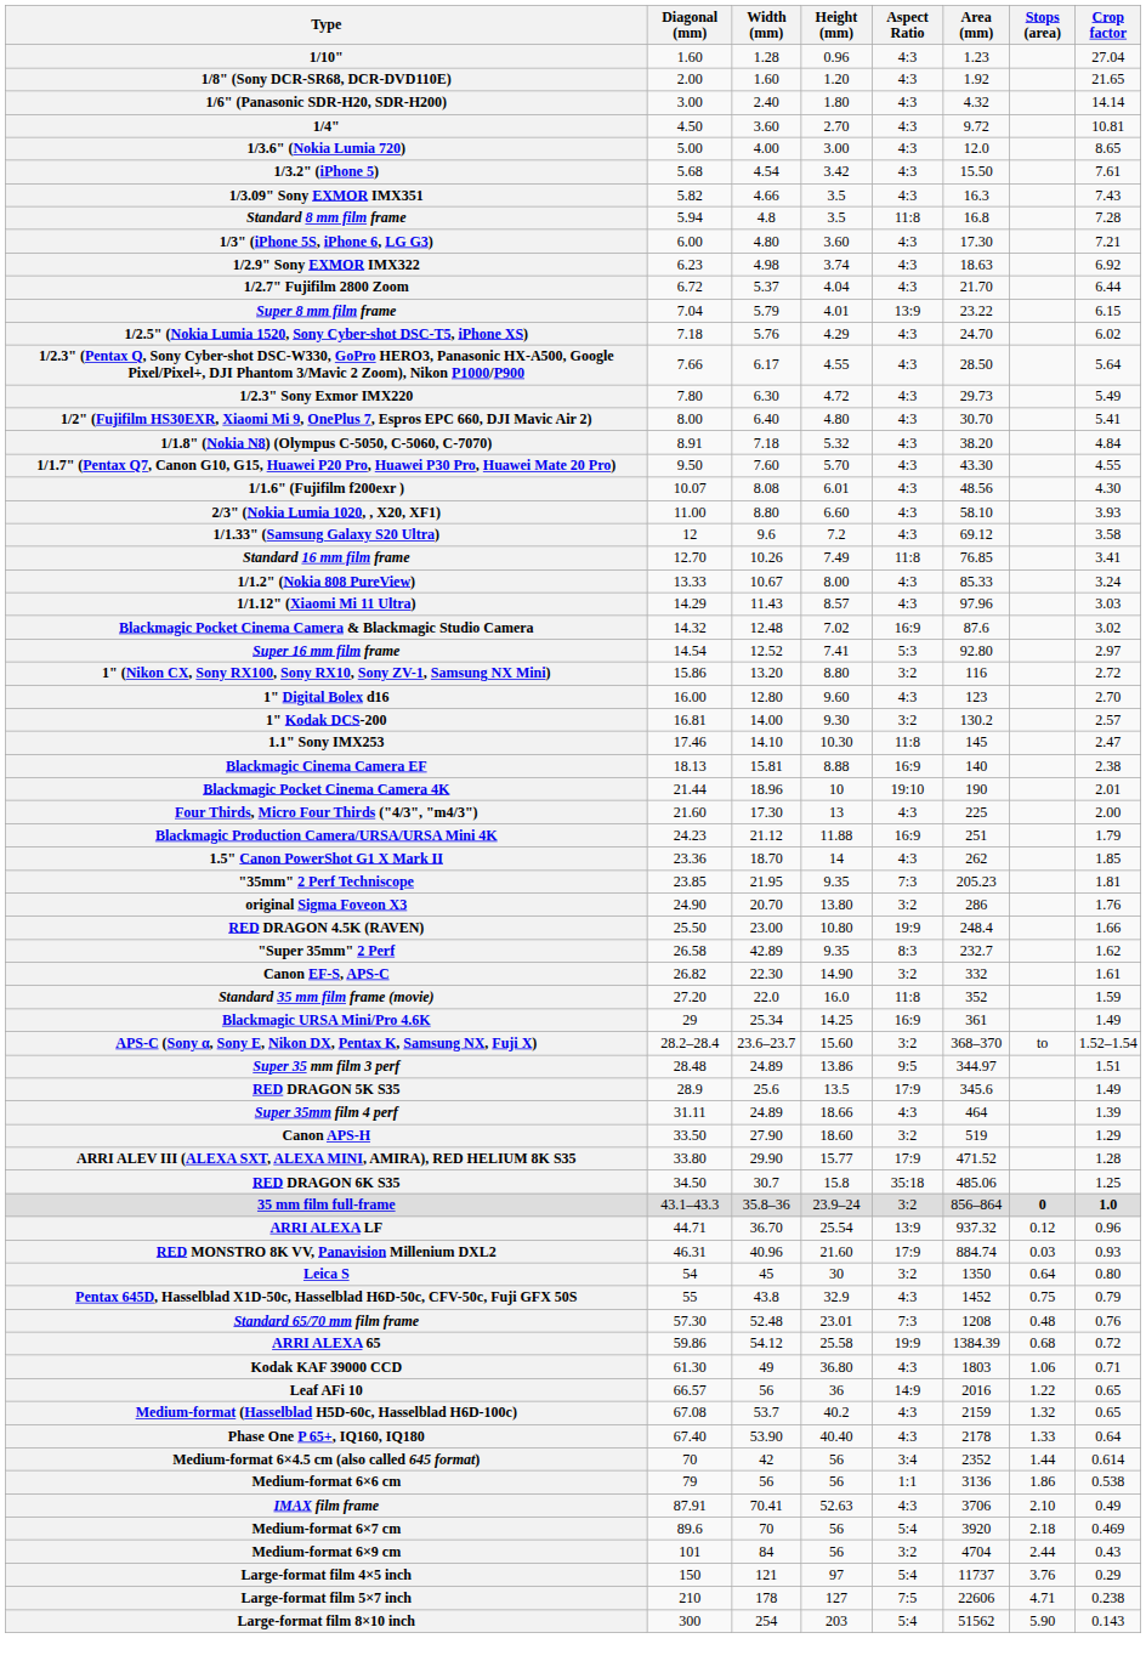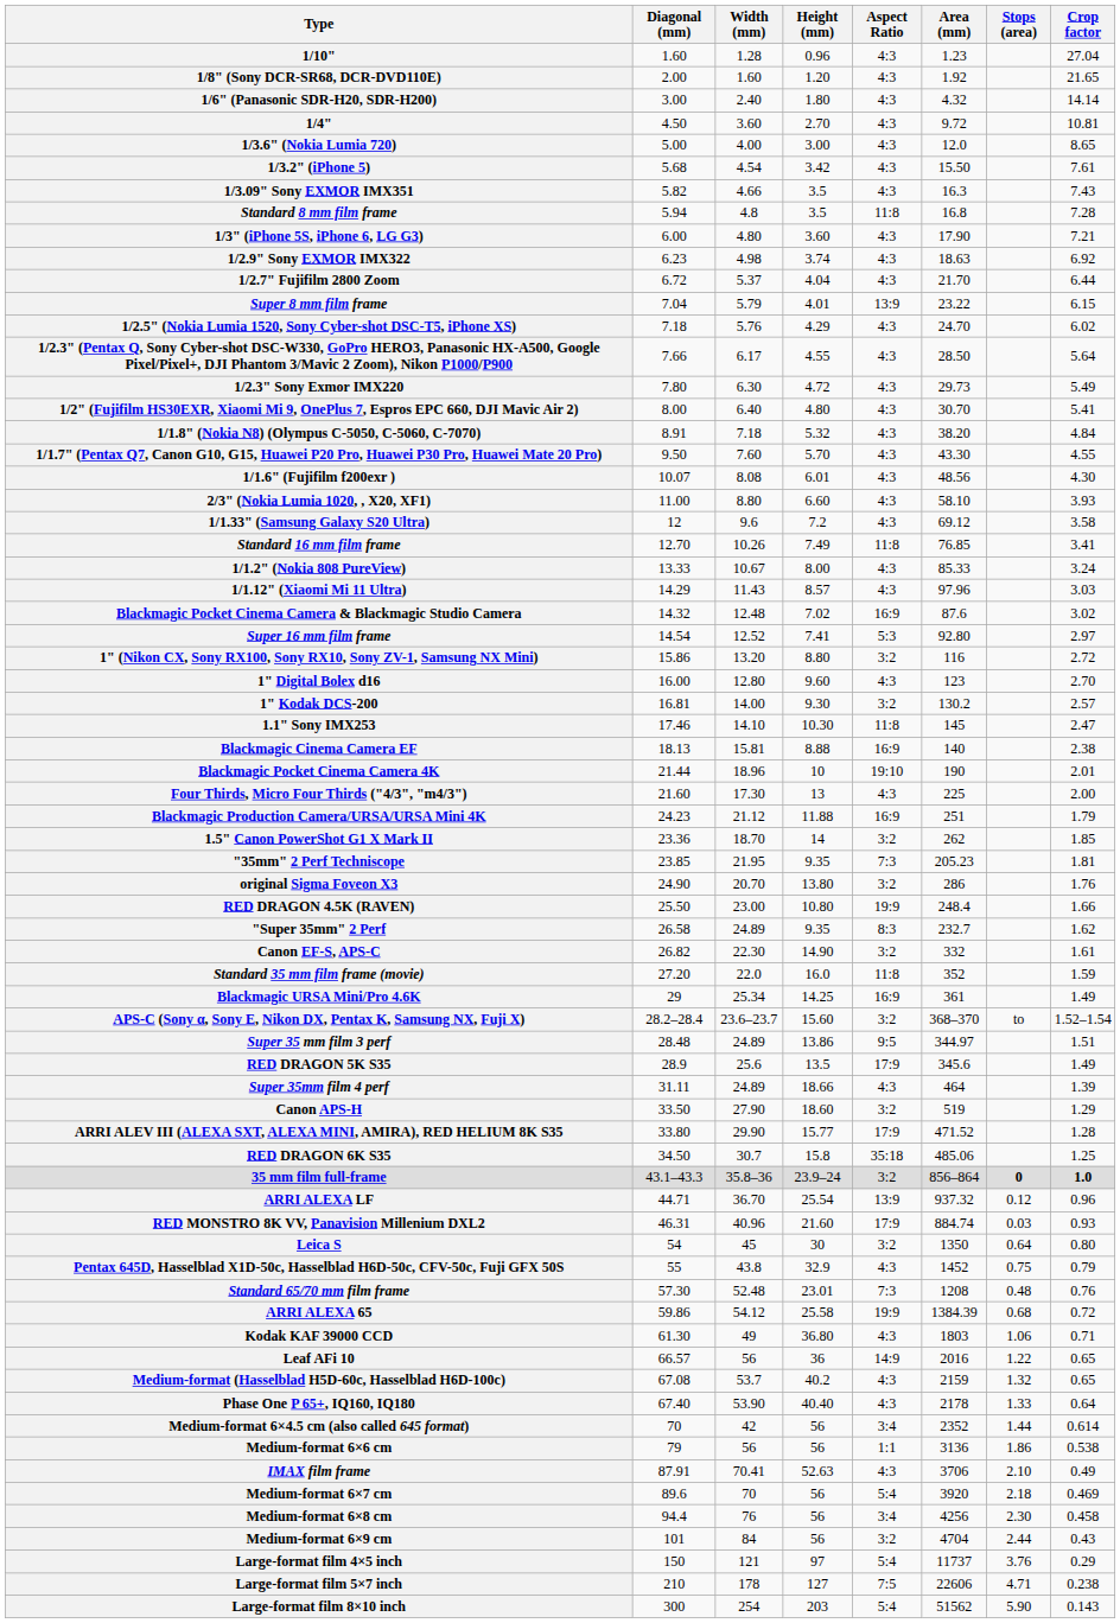 <table class="wikitable sortable sticky-header plainrowheaders" style="text-align: center;">
 <tr>
 <th scope="col">Type</th>
 <th scope="col">Diagonal (mm)</th>
 <th scope="col">Width (mm)</th>
 <th scope="col">Height (mm)</th>
 <th scope="col">Aspect Ratio</th>
 <th scope="col">Area (mm)</th>
 <th scope="col"><a href='#'>Stops</a> (area)</th>
 <th scope="col"><a href='#'>Crop factor</a></th>
 </tr>
 <tr>
 <th scope="row">1/10"</th>
 <td>1.60</td>
 <td>1.28</td>
 <td>0.96</td>
 <td>4:3</td>
 <td>1.23</td>
 <td></td>
 <td>27.04</td>
 </tr>
 <tr>
 <th scope="row">1/8" (Sony DCR-SR68, DCR-DVD110E)</th>
 <td>2.00</td>
 <td>1.60</td>
 <td>1.20</td>
 <td>4:3</td>
 <td>1.92</td>
 <td></td>
 <td>21.65</td>
 </tr>
 <tr>
 <th scope="row">1/6" (Panasonic SDR-H20, SDR-H200)</th>
 <td>3.00</td>
 <td>2.40</td>
 <td>1.80</td>
 <td>4:3</td>
 <td>4.32</td>
 <td></td>
 <td>14.14</td>
 </tr>
 <tr>
 <th scope="row">1/4"</th>
 <td>4.50</td>
 <td>3.60</td>
 <td>2.70</td>
 <td>4:3</td>
 <td>9.72</td>
 <td></td>
 <td>10.81</td>
 </tr>
 <tr>
 <th scope="row">1/3.6" (<a href='#'>Nokia Lumia 720</a>)</th>
 <td>5.00</td>
 <td>4.00</td>
 <td>3.00</td>
 <td>4:3</td>
 <td>12.0</td>
 <td></td>
 <td>8.65</td>
 </tr>
 <tr>
 <th scope="row">1/3.2" (<a href='#'>iPhone 5</a>)</th>
 <td>5.68</td>
 <td>4.54</td>
 <td>3.42</td>
 <td>4:3</td>
 <td>15.50</td>
 <td></td>
 <td>7.61</td>
 </tr>
 <tr>
 <th scope="row">1/3.09" Sony <a href='#'>EXMOR</a> IMX351</th>
 <td>5.82</td>
 <td>4.66</td>
 <td>3.5</td>
 <td>4:3</td>
 <td>16.3</td>
 <td></td>
 <td>7.43</td>
 </tr>
 <tr>
 <th scope="row"><em>Standard <a href='#'>8 mm film</a> frame</em></th>
 <td>5.94</td>
 <td>4.8</td>
 <td>3.5</td>
 <td>11:8</td>
 <td>16.8</td>
 <td></td>
 <td>7.28</td>
 </tr>
 <tr>
 <th scope="row">1/3" (<a href='#'>iPhone 5S</a>, <a href='#'>iPhone 6</a>, <a href='#'>LG G3</a>)</th>
 <td>6.00</td>
 <td>4.80</td>
 <td>3.60</td>
 <td>4:3</td>
-<td>17.30</td>
+<td>17.90</td>
 <td></td>
 <td>7.21</td>
 </tr>
 <tr>
 <th scope="row">1/2.9" Sony <a href='#'>EXMOR</a> IMX322</th>
 <td>6.23</td>
 <td>4.98</td>
 <td>3.74</td>
 <td>4:3</td>
 <td>18.63</td>
 <td></td>
 <td>6.92</td>
 </tr>
 <tr>
 <th scope="row">1/2.7" Fujifilm 2800 Zoom</th>
 <td>6.72</td>
 <td>5.37</td>
 <td>4.04</td>
 <td>4:3</td>
 <td>21.70</td>
 <td></td>
 <td>6.44</td>
 </tr>
 <tr>
 <th scope="row"><a href='#'><em>Super 8 mm film</em></a><em> frame</em></th>
 <td>7.04</td>
 <td>5.79</td>
 <td>4.01</td>
 <td>13:9</td>
 <td>23.22</td>
 <td></td>
 <td>6.15</td>
 </tr>
 <tr>
 <th scope="row">1/2.5" (<a href='#'>Nokia Lumia 1520</a>, <a href='#'>Sony Cyber-shot DSC-T5</a>, <a href='#'>iPhone XS</a>)</th>
 <td>7.18</td>
 <td>5.76</td>
 <td>4.29</td>
 <td>4:3</td>
 <td>24.70</td>
 <td></td>
 <td>6.02</td>
 </tr>
 <tr>
 <th scope="row">1/2.3" (<a href='#'>Pentax Q</a>, Sony Cyber-shot DSC-W330, <a href='#'>GoPro</a> HERO3, Panasonic HX-A500, Google Pixel/Pixel+, DJI Phantom 3/Mavic 2 Zoom), Nikon <a href='#'>P1000</a>/<a href='#'>P900</a></th>
 <td>7.66</td>
 <td>6.17</td>
 <td>4.55</td>
 <td>4:3</td>
 <td>28.50</td>
 <td></td>
 <td>5.64</td>
 </tr>
 <tr>
 <th scope="row">1/2.3" Sony Exmor IMX220</th>
 <td>7.80</td>
 <td>6.30</td>
 <td>4.72</td>
 <td>4:3</td>
 <td>29.73</td>
 <td></td>
 <td>5.49</td>
 </tr>
 <tr>
 <th scope="row">1/2"  (<a href='#'>Fujifilm HS30EXR</a>, <a href='#'>Xiaomi Mi 9</a>, <a href='#'>OnePlus 7</a>, Espros EPC 660, DJI Mavic Air 2)</th>
 <td>8.00</td>
 <td>6.40</td>
 <td>4.80</td>
 <td>4:3</td>
 <td>30.70</td>
 <td></td>
 <td>5.41</td>
 </tr>
 <tr>
 <th scope="row">1/1.8" (<a href='#'>Nokia N8</a>) (Olympus C-5050, C-5060, C-7070)</th>
 <td>8.91</td>
 <td>7.18</td>
 <td>5.32</td>
 <td>4:3</td>
 <td>38.20</td>
 <td></td>
 <td>4.84</td>
 </tr>
 <tr>
 <th scope="row">1/1.7" (<a href='#'>Pentax Q7</a>, Canon G10, G15, <a href='#'>Huawei P20 Pro</a>, <a href='#'>Huawei P30 Pro</a>, <a href='#'>Huawei Mate 20 Pro</a>)</th>
 <td>9.50</td>
 <td>7.60</td>
 <td>5.70</td>
 <td>4:3</td>
 <td>43.30</td>
 <td></td>
 <td>4.55</td>
 </tr>
 <tr>
 <th scope="row">1/1.6" (Fujifilm f200exr )</th>
 <td>10.07</td>
 <td>8.08</td>
 <td>6.01</td>
 <td>4:3</td>
 <td>48.56</td>
 <td></td>
 <td>4.30</td>
 </tr>
 <tr>
 <th scope="row">2/3" (<a href='#'>Nokia Lumia 1020</a>, , X20, XF1)</th>
 <td>11.00</td>
 <td>8.80</td>
 <td>6.60</td>
 <td>4:3</td>
 <td>58.10</td>
 <td></td>
 <td>3.93</td>
 </tr>
 <tr>
 <th scope="row">1/1.33" (<a href='#'>Samsung Galaxy S20 Ultra</a>)</th>
 <td>12</td>
 <td>9.6</td>
 <td>7.2</td>
 <td>4:3</td>
 <td>69.12</td>
 <td></td>
 <td>3.58</td>
 </tr>
 <tr>
 <th scope="row"><em>Standard <a href='#'>16 mm film</a> frame</em></th>
 <td>12.70</td>
 <td>10.26</td>
 <td>7.49</td>
 <td>11:8</td>
 <td>76.85</td>
 <td></td>
 <td>3.41</td>
 </tr>
 <tr>
 <th scope="row">1/1.2" (<a href='#'>Nokia 808 PureView</a>)</th>
 <td>13.33</td>
 <td>10.67</td>
 <td>8.00</td>
 <td>4:3</td>
 <td>85.33</td>
 <td></td>
 <td>3.24</td>
 </tr>
 <tr>
 <th scope="row">1/1.12" (<a href='#'>Xiaomi Mi 11 Ultra</a>)</th>
 <td>14.29</td>
 <td>11.43</td>
 <td>8.57</td>
 <td>4:3</td>
 <td>97.96</td>
 <td></td>
 <td>3.03</td>
 </tr>
 <tr>
 <th scope="row"><a href='#'>Blackmagic Pocket Cinema Camera</a> & Blackmagic Studio Camera</th>
 <td>14.32</td>
 <td>12.48</td>
 <td>7.02</td>
 <td>16:9</td>
 <td>87.6</td>
 <td></td>
 <td>3.02</td>
 </tr>
 <tr>
 <th scope="row"><em><a href='#'>Super 16 mm film</a> frame</em></th>
 <td>14.54</td>
 <td>12.52</td>
 <td>7.41</td>
 <td>5:3</td>
 <td>92.80</td>
 <td></td>
 <td>2.97</td>
 </tr>
 <tr>
 <th scope="row">1" (<a href='#'>Nikon CX</a>, <a href='#'>Sony RX100</a>, <a href='#'>Sony RX10</a>, <a href='#'>Sony ZV-1</a>, <a href='#'>Samsung NX Mini</a>)</th>
 <td>15.86</td>
 <td>13.20</td>
 <td>8.80</td>
 <td>3:2</td>
 <td>116</td>
 <td></td>
 <td>2.72</td>
 </tr>
 <tr>
 <th scope="row">1" <a href='#'>Digital Bolex</a> d16</th>
 <td>16.00</td>
 <td>12.80</td>
 <td>9.60</td>
 <td>4:3</td>
 <td>123</td>
 <td></td>
 <td>2.70</td>
 </tr>
 <tr>
 <th scope="row">1" <a href='#'>Kodak DCS</a>-200</th>
 <td>16.81</td>
 <td>14.00</td>
 <td>9.30</td>
 <td>3:2</td>
 <td>130.2</td>
 <td></td>
 <td>2.57</td>
 </tr>
 <tr>
 <th scope="row">1.1" Sony IMX253</th>
 <td>17.46</td>
 <td>14.10</td>
 <td>10.30</td>
 <td>11:8</td>
 <td>145</td>
 <td></td>
 <td>2.47</td>
 </tr>
 <tr>
 <th scope="row"><a href='#'>Blackmagic Cinema Camera EF</a></th>
 <td>18.13</td>
 <td>15.81</td>
 <td>8.88</td>
 <td>16:9</td>
 <td>140</td>
 <td></td>
 <td>2.38</td>
 </tr>
 <tr>
 <th scope="row"><a href='#'>Blackmagic Pocket Cinema Camera 4K</a></th>
 <td>21.44</td>
 <td>18.96</td>
 <td>10</td>
 <td>19:10</td>
 <td>190</td>
 <td></td>
 <td>2.01</td>
 </tr>
 <tr>
 <th scope="row"><a href='#'>Four Thirds</a>, <a href='#'>Micro Four Thirds</a> ("4/3", "m4/3")</th>
 <td>21.60</td>
 <td>17.30</td>
 <td>13</td>
 <td>4:3</td>
 <td>225</td>
 <td></td>
 <td>2.00</td>
 </tr>
 <tr>
 <th scope="row"><a href='#'>Blackmagic Production Camera/URSA/URSA Mini 4K</a></th>
 <td>24.23</td>
 <td>21.12</td>
 <td>11.88</td>
 <td>16:9</td>
 <td>251</td>
 <td></td>
 <td>1.79</td>
 </tr>
 <tr>
 <th scope="row">1.5" <a href='#'>Canon PowerShot G1 X Mark II</a></th>
 <td>23.36</td>
 <td>18.70</td>
 <td>14</td>
-<td>4:3</td>
+<td>3:2</td>
 <td>262</td>
 <td></td>
 <td>1.85</td>
 </tr>
 <tr>
 <th scope="row">"35mm" <a href='#'>2 Perf Techniscope</a></th>
 <td>23.85</td>
 <td>21.95</td>
 <td>9.35</td>
 <td>7:3</td>
 <td>205.23</td>
 <td></td>
 <td>1.81</td>
 </tr>
 <tr>
 <th scope="row">original <a href='#'>Sigma Foveon X3</a></th>
 <td>24.90</td>
 <td>20.70</td>
 <td>13.80</td>
 <td>3:2</td>
 <td>286</td>
 <td></td>
 <td>1.76</td>
 </tr>
 <tr>
 <th scope="row"><a href='#'>RED</a> DRAGON 4.5K (RAVEN)</th>
 <td>25.50</td>
 <td>23.00</td>
 <td>10.80</td>
 <td>19:9</td>
 <td>248.4</td>
 <td></td>
 <td>1.66</td>
 </tr>
 <tr>
 <th scope="row">"Super 35mm" <a href='#'>2 Perf</a></th>
 <td>26.58</td>
-<td>42.89</td>
+<td>24.89</td>
 <td>9.35</td>
 <td>8:3</td>
 <td>232.7</td>
 <td></td>
 <td>1.62</td>
 </tr>
 <tr>
 <th scope="row">Canon <a href='#'>EF-S</a>, <a href='#'>APS-C</a></th>
 <td>26.82</td>
 <td>22.30</td>
 <td>14.90</td>
 <td>3:2</td>
 <td>332</td>
 <td></td>
 <td>1.61</td>
 </tr>
 <tr>
 <th scope="row"><em>Standard <a href='#'>35 mm film</a> frame (movie)</em></th>
 <td>27.20</td>
 <td>22.0</td>
 <td>16.0</td>
 <td>11:8</td>
 <td>352</td>
 <td></td>
 <td>1.59</td>
 </tr>
 <tr>
 <th scope="row"><a href='#'>Blackmagic URSA Mini/Pro 4.6K</a></th>
 <td>29</td>
 <td>25.34</td>
 <td>14.25</td>
 <td>16:9</td>
 <td>361</td>
 <td></td>
 <td>1.49</td>
 </tr>
 <tr>
 <th scope="row"><a href='#'>APS-C</a> (<a href='#'>Sony α</a>, <a href='#'>Sony E</a>, <a href='#'>Nikon DX</a>, <a href='#'>Pentax K</a>, <a href='#'>Samsung NX</a>, <a href='#'>Fuji X</a>)</th>
 <td>28.2–28.4</td>
 <td>23.6–23.7</td>
 <td>15.60</td>
 <td>3:2</td>
 <td>368–370</td>
 <td> to </td>
 <td>1.52–1.54</td>
 </tr>
 <tr>
 <th scope="row"><em><a href='#'>Super 35</a> mm film 3 perf</em></th>
 <td>28.48</td>
 <td>24.89</td>
 <td>13.86</td>
 <td>9:5</td>
 <td>344.97</td>
 <td></td>
 <td>1.51</td>
 </tr>
 <tr>
 <th scope="row"><a href='#'>RED</a> DRAGON 5K S35</th>
 <td>28.9</td>
 <td>25.6</td>
 <td>13.5</td>
 <td>17:9</td>
 <td>345.6</td>
 <td></td>
 <td>1.49</td>
 </tr>
 <tr>
 <th scope="row"><em><a href='#'>Super 35mm</a> film 4 perf</em></th>
 <td>31.11</td>
 <td>24.89</td>
 <td>18.66</td>
 <td>4:3</td>
 <td>464</td>
 <td></td>
 <td>1.39</td>
 </tr>
 <tr>
 <th scope="row">Canon <a href='#'>APS-H</a></th>
 <td>33.50</td>
 <td>27.90</td>
 <td>18.60</td>
 <td>3:2</td>
 <td>519</td>
 <td></td>
 <td>1.29</td>
 </tr>
 <tr>
 <th scope="row">ARRI ALEV III (<a href='#'>ALEXA SXT</a>, <a href='#'>ALEXA MINI</a>, AMIRA), RED HELIUM 8K S35</th>
 <td>33.80</td>
 <td>29.90</td>
 <td>15.77</td>
 <td>17:9</td>
 <td>471.52</td>
 <td></td>
 <td>1.28</td>
 </tr>
 <tr>
 <th scope="row"><a href='#'>RED</a> DRAGON 6K S35</th>
 <td>34.50</td>
 <td>30.7</td>
 <td>15.8</td>
 <td>35:18</td>
 <td>485.06</td>
 <td></td>
 <td>1.25</td>
 </tr>
 <tr scope=row style="background:#ddd;">
 <th scope="row" style="background:#ddd;"><strong><a href='#'>35 mm film full-frame</a></strong></th>
 <td>43.1–43.3</td>
 <td>35.8–36</td>
 <td>23.9–24</td>
 <td>3:2</td>
 <td>856–864</td>
 <td style="font-weight:bold;" data-sort-value=0.0>0</td>
 <td style="font-weight:bold;" data-sort-value=1.0>1.0</td>
 </tr>
 <tr>
 <th scope="row"><a href='#'>ARRI ALEXA</a> LF</th>
 <td>44.71</td>
 <td>36.70</td>
 <td>25.54</td>
 <td>13:9</td>
 <td>937.32</td>
 <td>0.12</td>
 <td>0.96</td>
 </tr>
 <tr>
 <th scope="row"><a href='#'>RED</a> MONSTRO 8K VV, <a href='#'>Panavision</a> Millenium DXL2</th>
 <td>46.31</td>
 <td>40.96</td>
 <td>21.60</td>
 <td>17:9</td>
 <td>884.74</td>
 <td>0.03</td>
 <td>0.93</td>
 </tr>
 <tr>
 <th scope="row"><a href='#'>Leica S</a></th>
 <td>54</td>
 <td>45</td>
 <td>30</td>
 <td>3:2</td>
 <td>1350</td>
 <td>0.64</td>
 <td>0.80</td>
 </tr>
 <tr>
 <th scope="row"><a href='#'>Pentax 645D</a>, Hasselblad X1D-50c, Hasselblad H6D-50c, CFV-50c, Fuji GFX 50S<br>  </th>
 <td>55</td>
 <td>43.8</td>
 <td>32.9</td>
 <td>4:3</td>
 <td>1452</td>
 <td>0.75</td>
 <td>0.79</td>
 </tr>
 <tr>
 <th scope="row"><a href='#'><em>Standard 65/70 mm</em></a><em> film frame</em></th>
 <td>57.30</td>
 <td>52.48</td>
 <td>23.01</td>
 <td>7:3</td>
 <td>1208</td>
 <td>0.48</td>
 <td>0.76</td>
 </tr>
 <tr>
 <th scope="row"><a href='#'>ARRI ALEXA</a> 65</th>
 <td>59.86</td>
 <td>54.12</td>
 <td>25.58</td>
 <td>19:9</td>
 <td>1384.39</td>
 <td>0.68</td>
 <td>0.72</td>
 </tr>
 <tr>
 <th scope="row">Kodak KAF 39000 CCD</th>
 <td>61.30</td>
 <td>49</td>
 <td>36.80</td>
 <td>4:3</td>
 <td>1803</td>
 <td>1.06</td>
 <td>0.71</td>
 </tr>
 <tr>
 <th scope="row">Leaf AFi 10</th>
 <td>66.57</td>
 <td>56</td>
 <td>36</td>
 <td>14:9</td>
 <td>2016</td>
 <td>1.22</td>
 <td>0.65</td>
 </tr>
 <tr>
 <th scope="row"><a href='#'>Medium-format</a> (<a href='#'>Hasselblad</a> H5D-60c, Hasselblad H6D-100c)</th>
 <td>67.08</td>
 <td>53.7</td>
 <td>40.2</td>
 <td>4:3</td>
 <td>2159</td>
 <td>1.32</td>
 <td>0.65</td>
 </tr>
 <tr>
 <th scope="row">Phase One <a href='#'>P 65+</a>, IQ160, IQ180</th>
 <td>67.40</td>
 <td>53.90</td>
 <td>40.40</td>
 <td>4:3</td>
 <td>2178</td>
 <td>1.33</td>
 <td>0.64</td>
 </tr>
 <tr>
 <th scope="row">Medium-format 6×4.5 cm (also called <em>645 format</em>)</th>
 <td>70</td>
 <td>42</td>
 <td>56</td>
 <td>3:4</td>
 <td>2352</td>
 <td>1.44</td>
 <td>0.614</td>
 </tr>
 <tr>
 <th scope="row">Medium-format 6×6 cm</th>
 <td>79</td>
 <td>56</td>
 <td>56</td>
 <td>1:1</td>
 <td>3136</td>
 <td>1.86</td>
 <td>0.538</td>
 </tr>
 <tr>
 <th scope="row"><a href='#'><em>IMAX</em></a><em> film frame</em></th>
 <td>87.91</td>
 <td>70.41</td>
 <td>52.63</td>
 <td>4:3</td>
 <td>3706</td>
 <td>2.10</td>
 <td>0.49</td>
 </tr>
 <tr>
 <th scope="row">Medium-format 6×7 cm</th>
 <td>89.6</td>
 <td>70</td>
 <td>56</td>
 <td>5:4</td>
 <td>3920</td>
 <td>2.18</td>
 <td>0.469</td>
 </tr>
 <tr>
+<th scope="row">Medium-format 6×8 cm</th>
+<td>94.4</td>
+<td>76</td>
+<td>56</td>
+<td>3:4</td>
+<td>4256</td>
+<td>2.30</td>
+<td>0.458</td>
+</tr>
+<tr>
 <th scope="row">Medium-format 6×9 cm</th>
 <td>101</td>
 <td>84</td>
 <td>56</td>
 <td>3:2</td>
 <td>4704</td>
 <td>2.44</td>
 <td>0.43</td>
 </tr>
 <tr>
 <th scope="row">Large-format film 4×5 inch</th>
 <td>150</td>
 <td>121</td>
 <td>97</td>
 <td>5:4</td>
 <td>11737</td>
 <td>3.76</td>
 <td>0.29</td>
 </tr>
 <tr>
 <th scope="row">Large-format film 5×7 inch</th>
 <td>210</td>
 <td>178</td>
 <td>127</td>
 <td>7:5</td>
 <td>22606</td>
 <td>4.71</td>
 <td>0.238</td>
 </tr>
 <tr>
 <th scope="row">Large-format film 8×10 inch</th>
 <td>300</td>
 <td>254</td>
 <td>203</td>
 <td>5:4</td>
 <td>51562</td>
 <td>5.90</td>
 <td>0.143</td>
 </tr>
 </table>
